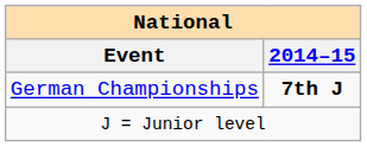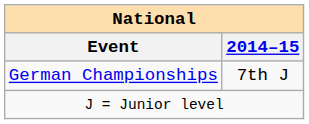 <table class="wikitable" style="text-align:center">
 <tr>
 <th style="background-color: #ffdead; " colspan=2 align=center>National</th>
 </tr>
 <tr>
 <th>Event</th>
 <th><a href='#'>2014–15</a></th>
 </tr>
 <tr>
 <td align=left><a href='#'>German Championships</a></td>
-<td><strong>7th J</strong></td>
+<td>7th J</td>
 </tr>
 <tr>
 <td colspan=2 align=center><small> J = Junior level </small></td>
 </tr>
 </table>
